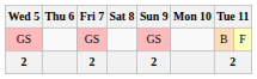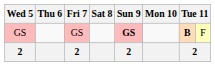 <table class="wikitable" style="margin:0.5em auto; line-height:1.5em;">
 <tr>
 <th>Wed 5</th>
 <th>Thu 6</th>
 <th>Fri 7</th>
 <th>Sat 8</th>
 <th>Sun 9</th>
 <th>Mon 10</th>
 <th colspan="2">Tue 11</th>
 </tr>
 <tr align=center>
 <td style="background-color:#FFBBBB;">GS</td>
 <td></td>
 <td style="background-color:#FFBBBB;">GS</td>
 <td></td>
-<td style="background-color:#FFBBBB;">GS</td>
+<td style="background-color:#FFBBBB;"><strong>GS</strong></td>
 <td></td>
-<td style="background-color:#FEDCBA;">B</td>
+<td style="background-color:#FEDCBA;"><strong>B</strong></td>
 <td style="background-color:#FFFFBB;">F</td>
 </tr>
 <tr>
 <th>2 </th>
 <th></th>
 <th>2 </th>
 <th></th>
 <th>2 </th>
 <th></th>
 <th colspan="2">2 </th>
 </tr>
 </table>
